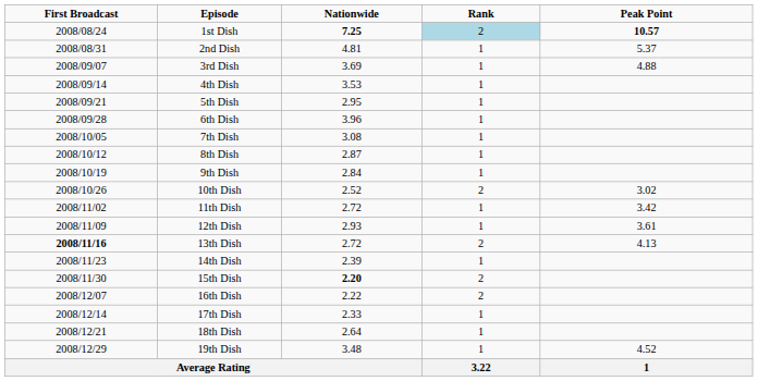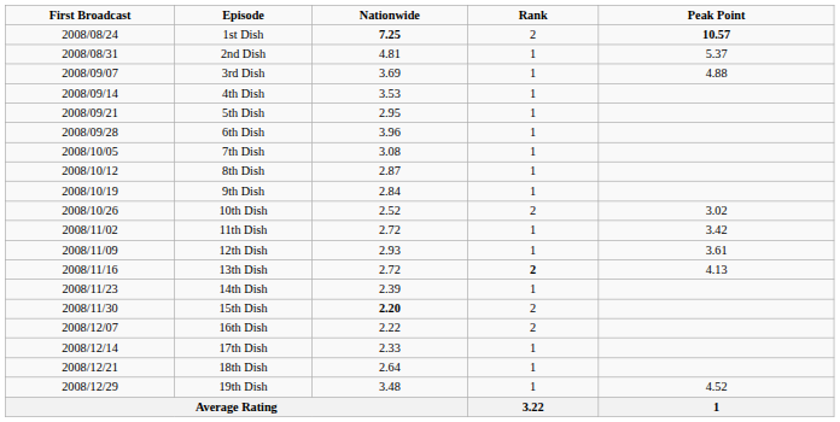 <table class="wikitable" width="85%">
 <tr align=center>
 <td style="width:6%"><strong>First Broadcast</strong></td>
 <td style="width:5%"><strong>Episode</strong></td>
 <td style="width:5%"><strong>Nationwide</strong></td>
 <td style="width:5%"><strong>Rank</strong></td>
 <td style="width:9%"><strong>Peak Point</strong></td>
 </tr>
 <tr align="center">
 <td>2008/08/24</td>
 <td>1st Dish</td>
 <td><span><strong>7.25</strong></span></td>
-<td style="background: lightblue;">2</td>
+<td>2</td>
 <td><span><strong>10.57</strong></span></td>
 </tr>
 <tr align="center">
 <td>2008/08/31</td>
 <td>2nd Dish</td>
 <td>4.81</td>
 <td>1</td>
 <td>5.37</td>
 </tr>
 <tr align="center">
 <td>2008/09/07</td>
 <td>3rd Dish</td>
 <td>3.69</td>
 <td>1</td>
 <td>4.88</td>
 </tr>
 <tr align="center">
 <td>2008/09/14</td>
 <td>4th Dish</td>
 <td>3.53</td>
 <td>1</td>
 <td></td>
 </tr>
 <tr align="center">
 <td>2008/09/21</td>
 <td>5th Dish</td>
 <td>2.95</td>
 <td>1</td>
 <td></td>
 </tr>
 <tr align="center">
 <td>2008/09/28</td>
 <td>6th Dish</td>
 <td>3.96</td>
 <td>1</td>
 <td></td>
 </tr>
 <tr align="center">
 <td>2008/10/05</td>
 <td>7th Dish</td>
 <td>3.08</td>
 <td>1</td>
 <td></td>
 </tr>
 <tr align="center">
 <td>2008/10/12</td>
 <td>8th Dish</td>
 <td>2.87</td>
 <td>1</td>
 <td></td>
 </tr>
 <tr align="center">
 <td>2008/10/19</td>
 <td>9th Dish</td>
 <td>2.84</td>
 <td>1</td>
 <td></td>
 </tr>
 <tr align="center">
 <td>2008/10/26</td>
 <td>10th Dish</td>
 <td>2.52</td>
 <td>2</td>
 <td>3.02</td>
 </tr>
 <tr align="center">
 <td>2008/11/02</td>
 <td>11th Dish</td>
 <td>2.72</td>
 <td>1</td>
 <td>3.42</td>
 </tr>
 <tr align="center">
 <td>2008/11/09</td>
 <td>12th Dish</td>
 <td>2.93</td>
 <td>1</td>
 <td>3.61</td>
 </tr>
 <tr align="center">
-<td><strong>2008/11/16</strong></td>
+<td>2008/11/16</td>
 <td>13th Dish</td>
 <td>2.72</td>
-<td>2</td>
+<td><strong>2</strong></td>
 <td>4.13</td>
 </tr>
 <tr align="center">
 <td>2008/11/23</td>
 <td>14th Dish</td>
 <td>2.39</td>
 <td>1</td>
 <td></td>
 </tr>
 <tr align="center">
 <td>2008/11/30</td>
 <td>15th Dish</td>
 <td><span><strong>2.20</strong></span></td>
 <td>2</td>
 <td></td>
 </tr>
 <tr align="center">
 <td>2008/12/07</td>
 <td>16th Dish</td>
 <td>2.22</td>
 <td>2</td>
 <td></td>
 </tr>
 <tr align="center">
 <td>2008/12/14</td>
 <td>17th Dish</td>
 <td>2.33</td>
 <td>1</td>
 <td></td>
 </tr>
 <tr align="center">
 <td>2008/12/21</td>
 <td>18th Dish</td>
 <td>2.64</td>
 <td>1</td>
 <td></td>
 </tr>
 <tr align="center">
 <td>2008/12/29</td>
 <td>19th Dish</td>
 <td>3.48</td>
 <td>1</td>
 <td>4.52</td>
 </tr>
 <tr align="center">
 <th colspan=3>Average Rating</th>
 <th>3.22</th>
 <th>1</th>
 </tr>
 </table>
